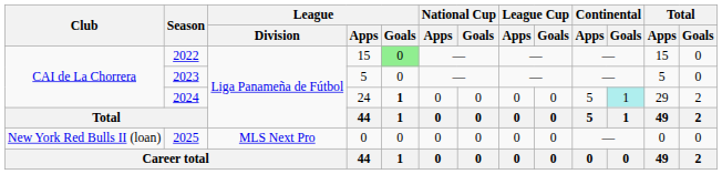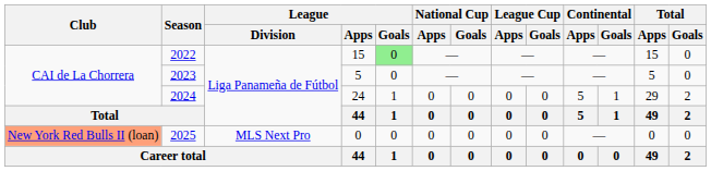 <table class="wikitable" style="text-align:center">
 <tr>
 <th rowspan="2">Club</th>
 <th rowspan="2">Season</th>
 <th colspan="3">League</th>
 <th colspan="2">National Cup </th>
 <th colspan="2">League Cup</th>
 <th colspan="2">Continental</th>
 <th colspan="2">Total</th>
 </tr>
 <tr>
 <th>Division</th>
 <th>Apps</th>
 <th>Goals</th>
 <th>Apps</th>
 <th>Goals</th>
 <th>Apps</th>
 <th>Goals</th>
 <th>Apps</th>
 <th>Goals</th>
 <th>Apps</th>
 <th>Goals</th>
 </tr>
 <tr>
 <td rowspan="3"><a href='#'>CAI de La Chorrera</a></td>
 <td><a href='#'>2022</a></td>
 <td rowspan="4"><a href='#'>Liga Panameña de Fútbol</a></td>
 <td>15</td>
 <td style="background: lightgreen;">0</td>
 <td colspan="2">—</td>
 <td colspan="2">—</td>
 <td colspan="2">—</td>
 <td>15</td>
 <td>0</td>
 </tr>
 <tr>
 <td><a href='#'>2023</a></td>
 <td>5</td>
 <td>0</td>
 <td colspan="2">—</td>
 <td colspan="2">—</td>
 <td colspan="2">—</td>
 <td>5</td>
 <td>0</td>
 </tr>
 <tr>
 <td><a href='#'>2024</a></td>
 <td>24</td>
-<td><strong>1</strong></td>
+<td>1</td>
 <td>0</td>
 <td>0</td>
 <td>0</td>
 <td>0</td>
 <td>5</td>
-<td style="background: paleturquoise;">1</td>
+<td>1</td>
 <td>29</td>
 <td>2</td>
 </tr>
 <tr>
 <th colspan="2">Total</th>
 <th>44</th>
 <th>1</th>
 <th>0</th>
 <th>0</th>
 <th>0</th>
 <th>0</th>
 <th>5</th>
 <th>1</th>
 <th>49</th>
 <th>2</th>
 </tr>
 <tr>
-<td><a href='#'>New York Red Bulls II</a> (loan)</td>
+<td style="background: lightsalmon;"><a href='#'>New York Red Bulls II</a> (loan)</td>
 <td><a href='#'>2025</a></td>
 <td><a href='#'>MLS Next Pro</a></td>
 <td>0</td>
 <td>0</td>
 <td>0</td>
 <td>0</td>
 <td>0</td>
 <td>0</td>
 <td colspan="2">—</td>
 <td>0</td>
 <td>0</td>
 </tr>
 <tr>
 <th colspan="3">Career total</th>
 <th>44</th>
 <th>1</th>
 <th>0</th>
 <th>0</th>
 <th>0</th>
 <th>0</th>
 <th>0</th>
 <th>0</th>
 <th>49</th>
 <th>2</th>
 </tr>
 </table>
